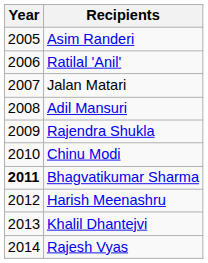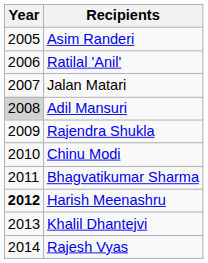 <table class="wikitable sortable">
 <tr>
 <th>Year</th>
 <th>Recipients</th>
 </tr>
 <tr>
 <td>2005</td>
 <td><a href='#'>Asim Randeri</a></td>
 </tr>
 <tr>
 <td>2006</td>
 <td><a href='#'>Ratilal 'Anil'</a></td>
 </tr>
 <tr>
 <td>2007</td>
 <td>Jalan Matari</td>
 </tr>
 <tr>
-<td>2008</td>
+<td style="background: lightgrey;">2008</td>
 <td><a href='#'>Adil Mansuri</a></td>
 </tr>
 <tr>
 <td>2009</td>
 <td><a href='#'>Rajendra Shukla</a></td>
 </tr>
 <tr>
 <td>2010</td>
 <td><a href='#'>Chinu Modi</a></td>
 </tr>
 <tr>
-<td><strong>2011</strong></td>
+<td>2011</td>
 <td><a href='#'>Bhagvatikumar Sharma</a></td>
 </tr>
 <tr>
-<td>2012</td>
+<td><strong>2012</strong></td>
 <td><a href='#'>Harish Meenashru</a></td>
 </tr>
 <tr>
 <td>2013</td>
 <td><a href='#'>Khalil Dhantejvi</a></td>
 </tr>
 <tr>
 <td>2014</td>
 <td><a href='#'>Rajesh Vyas</a></td>
 </tr>
 </table>
